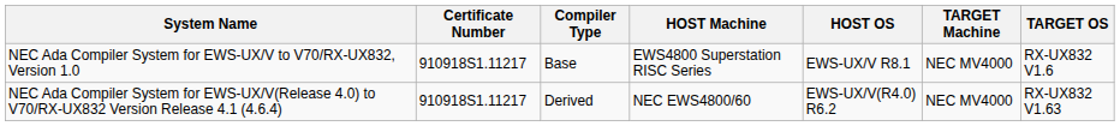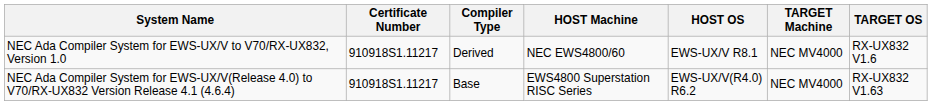 <table class="wikitable">
 <tr>
 <th>System Name</th>
 <th>Certificate Number</th>
 <th>Compiler Type</th>
 <th>HOST Machine</th>
 <th>HOST OS</th>
 <th>TARGET Machine</th>
 <th>TARGET OS</th>
 </tr>
 <tr>
 <td>NEC Ada Compiler System for EWS-UX/V to V70/RX-UX832, Version 1.0</td>
 <td>910918S1.11217</td>
-<td>Base</td>
-<td>EWS4800 Superstation RISC Series</td>
+<td>Derived</td>
+<td>NEC EWS4800/60</td>
 <td>EWS-UX/V R8.1</td>
 <td>NEC MV4000</td>
 <td>RX-UX832 V1.6</td>
 </tr>
 <tr>
 <td>NEC Ada Compiler System for EWS-UX/V(Release 4.0) to V70/RX-UX832 Version Release 4.1 (4.6.4)</td>
 <td>910918S1.11217</td>
-<td>Derived</td>
-<td>NEC EWS4800/60</td>
+<td>Base</td>
+<td>EWS4800 Superstation RISC Series</td>
 <td>EWS-UX/V(R4.0) R6.2</td>
 <td>NEC MV4000</td>
 <td>RX-UX832 V1.63</td>
 </tr>
 </table>
